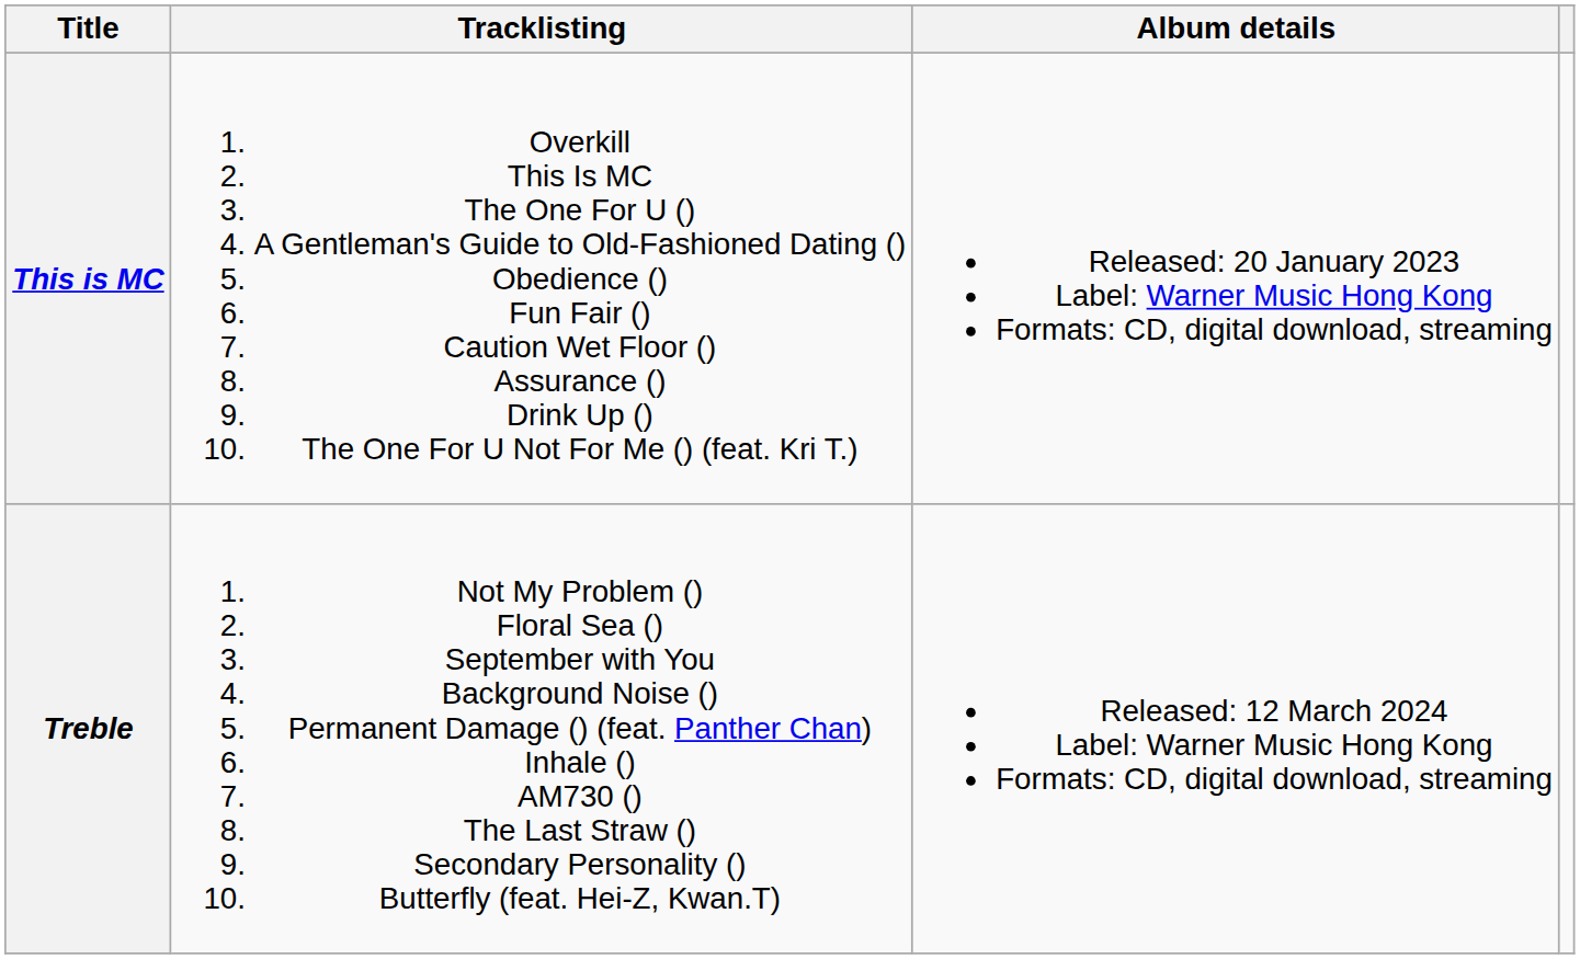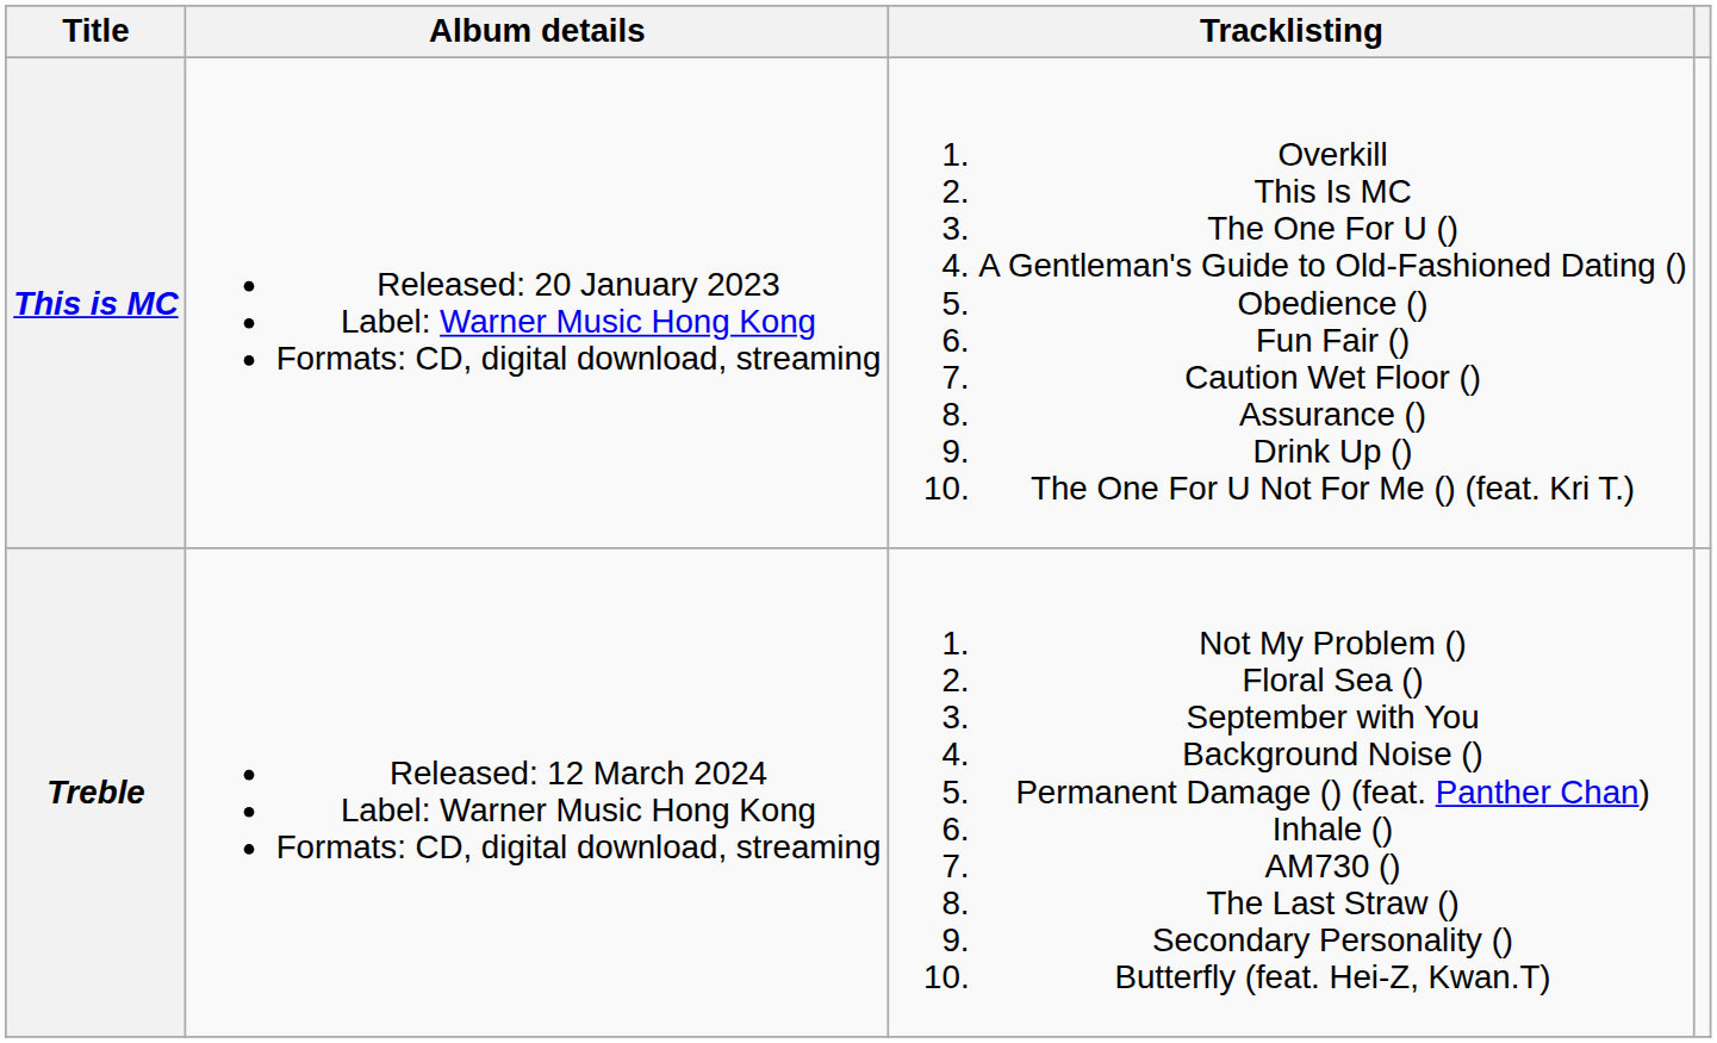 <table class="wikitable plainrowheaders" style="text-align:center;">
 <tr>
 <th>Title</th>
+<th>Album details</th>
 <th>Tracklisting</th>
-<th>Album details</th>
 <th scope="col" class="unsortable"></th>
 </tr>
 <tr>
 <th scope="row"><em><a href='#'>This is MC</a></em></th>
+<td><br><ul><li>Released: 20 January 2023</li><li>Label: <a href='#'>Warner Music Hong Kong</a></li><li>Formats: CD, digital download, streaming</li></ul></td>
 <td><br><ol><li>Overkill</li><li>This Is MC</li><li>The One For U ()</li><li>A Gentleman's Guide to Old-Fashioned Dating ()</li><li>Obedience ()</li><li>Fun Fair ()</li><li>Caution Wet Floor ()</li><li>Assurance ()</li><li>Drink Up ()</li><li>The One For U Not For Me () (feat. Kri T.)</li></ol></td>
-<td><br><ul><li>Released: 20 January 2023</li><li>Label: <a href='#'>Warner Music Hong Kong</a></li><li>Formats: CD, digital download, streaming</li></ul></td>
 <td></td>
 </tr>
 <tr>
 <th scope="row"><em>Treble</em></th>
+<td><br><ul><li>Released: 12 March 2024</li><li>Label: Warner Music Hong Kong</li><li>Formats: CD, digital download, streaming</li></ul></td>
 <td><br><ol><li>Not My Problem ()</li><li>Floral Sea ()</li><li>September with You</li><li>Background Noise ()</li><li>Permanent Damage () (feat. <a href='#'>Panther Chan</a>)</li><li>Inhale ()</li><li>AM730 ()</li><li>The Last Straw ()</li><li>Secondary Personality ()</li><li>Butterfly (feat. Hei-Z, Kwan.T)</li></ol></td>
-<td><br><ul><li>Released: 12 March 2024</li><li>Label: Warner Music Hong Kong</li><li>Formats: CD, digital download, streaming</li></ul></td>
 <td></td>
 </tr>
 </table>
